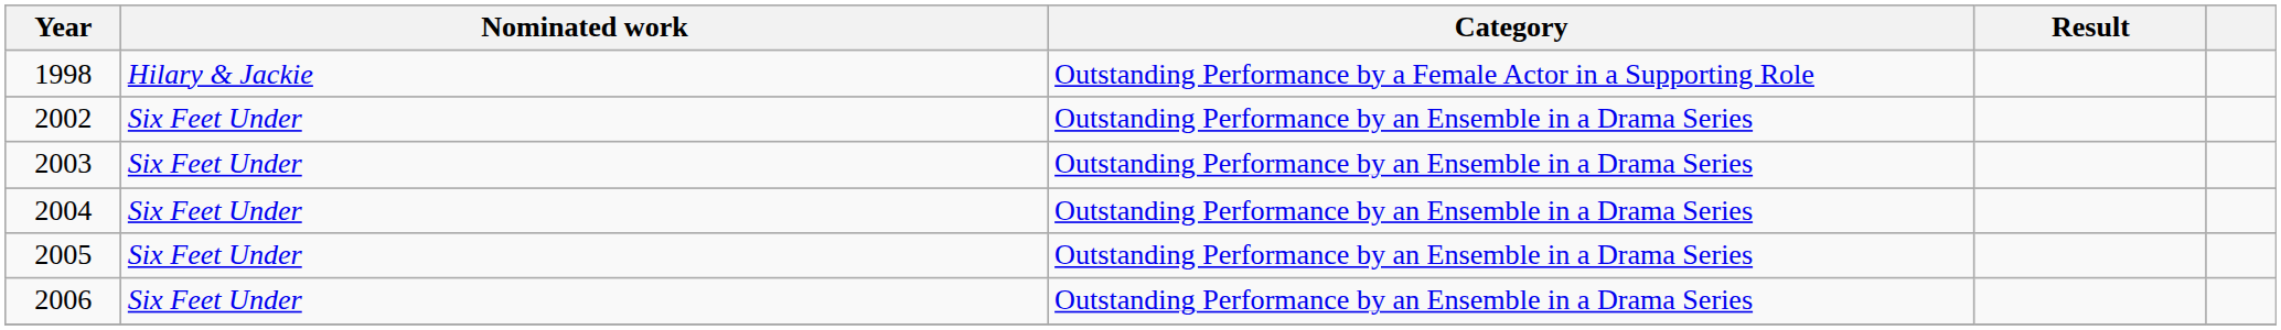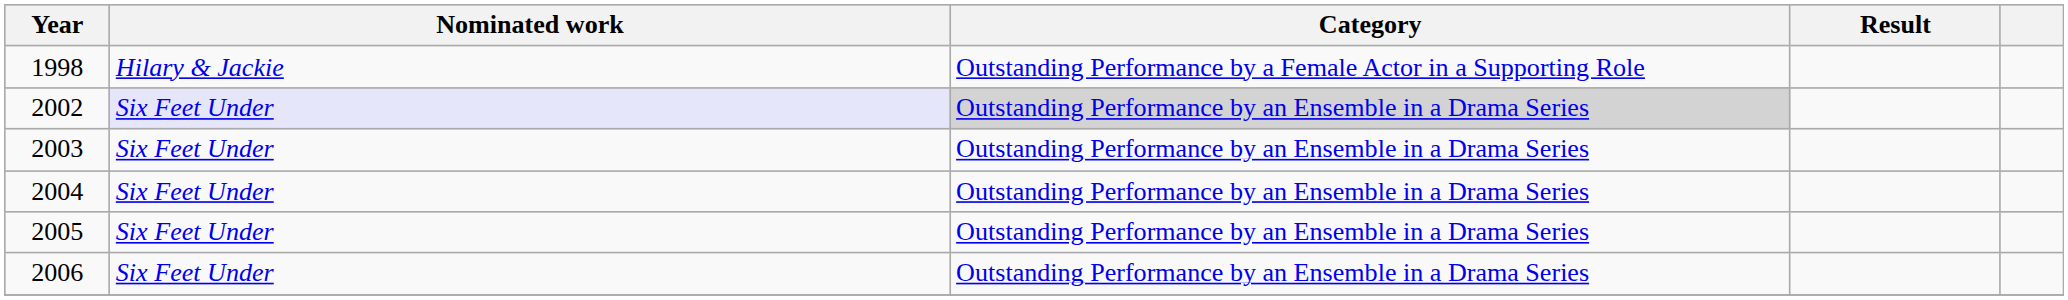 <table class="wikitable" style="width:100%;">
 <tr>
 <th width=5%>Year</th>
 <th style="width:40%;">Nominated work</th>
 <th style="width:40%;">Category</th>
 <th style="width:10%;">Result</th>
 <th width=3%></th>
 </tr>
 <tr>
 <td style="text-align:center;">1998</td>
 <td><em><a href='#'>Hilary & Jackie</a></em></td>
 <td><a href='#'>Outstanding Performance by a Female Actor in a Supporting Role</a></td>
 <td></td>
 <td style="text-align:center"></td>
 </tr>
 <tr>
 <td style="text-align:center">2002</td>
-<td><em><a href='#'>Six Feet Under</a></em></td>
-<td><a href='#'>Outstanding Performance by an Ensemble in a Drama Series</a></td>
+<td style="background: lavender;"><em><a href='#'>Six Feet Under</a></em></td>
+<td style="background: lightgrey;"><a href='#'>Outstanding Performance by an Ensemble in a Drama Series</a></td>
 <td></td>
 <td style="text-align:center"></td>
 </tr>
 <tr>
 <td style="text-align:center">2003</td>
 <td><em><a href='#'>Six Feet Under</a></em></td>
 <td><a href='#'>Outstanding Performance by an Ensemble in a Drama Series</a></td>
 <td></td>
 <td style="text-align:center"></td>
 </tr>
 <tr>
 <td style="text-align:center">2004</td>
 <td><em><a href='#'>Six Feet Under</a></em></td>
 <td><a href='#'>Outstanding Performance by an Ensemble in a Drama Series</a></td>
 <td></td>
 <td style="text-align:center"></td>
 </tr>
 <tr>
 <td style="text-align:center">2005</td>
 <td><em><a href='#'>Six Feet Under</a></em></td>
 <td><a href='#'>Outstanding Performance by an Ensemble in a Drama Series</a></td>
 <td></td>
 <td style="text-align:center"></td>
 </tr>
 <tr>
 <td style="text-align:center">2006</td>
 <td><em><a href='#'>Six Feet Under</a></em></td>
 <td><a href='#'>Outstanding Performance by an Ensemble in a Drama Series</a></td>
 <td></td>
 <td style="text-align:center"></td>
 </tr>
 <tr>
 </tr>
 </table>
